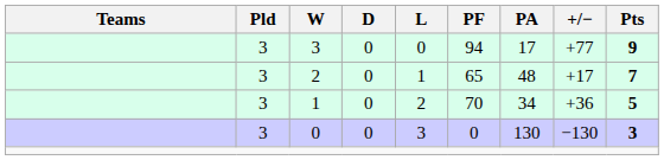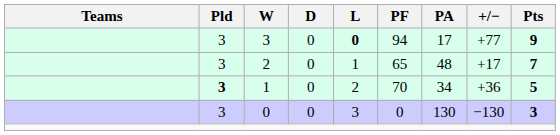 <table class="wikitable" style="text-align: center;">
 <tr>
 <th width="200">Teams</th>
 <th width="40">Pld</th>
 <th width="40">W</th>
 <th width="40">D</th>
 <th width="40">L</th>
 <th width="40">PF</th>
 <th width="40">PA</th>
 <th width="40">+/−</th>
 <th width="40">Pts</th>
 </tr>
 <tr bgcolor=#d8ffeb>
 <td align=left></td>
 <td>3</td>
 <td>3</td>
 <td>0</td>
-<td>0</td>
+<td><strong>0</strong></td>
 <td>94</td>
 <td>17</td>
 <td>+77</td>
 <td><strong>9</strong></td>
 </tr>
 <tr bgcolor=#d8ffeb>
 <td align=left></td>
 <td>3</td>
 <td>2</td>
 <td>0</td>
 <td>1</td>
 <td>65</td>
 <td>48</td>
 <td>+17</td>
 <td><strong>7</strong></td>
 </tr>
 <tr bgcolor=#d8ffeb>
 <td align=left></td>
-<td>3</td>
+<td><strong>3</strong></td>
 <td>1</td>
 <td>0</td>
 <td>2</td>
 <td>70</td>
 <td>34</td>
 <td>+36</td>
 <td><strong>5</strong></td>
 </tr>
 <tr bgcolor=#ccccff>
 <td align=left></td>
 <td>3</td>
 <td>0</td>
 <td>0</td>
 <td>3</td>
 <td>0</td>
 <td>130</td>
 <td>−130</td>
 <td><strong>3</strong></td>
 </tr>
 <tr bgcolor="#f9f9f9" align=center>
 <td colspan="15" style="border:0px"></td>
 </tr>
 </table>
